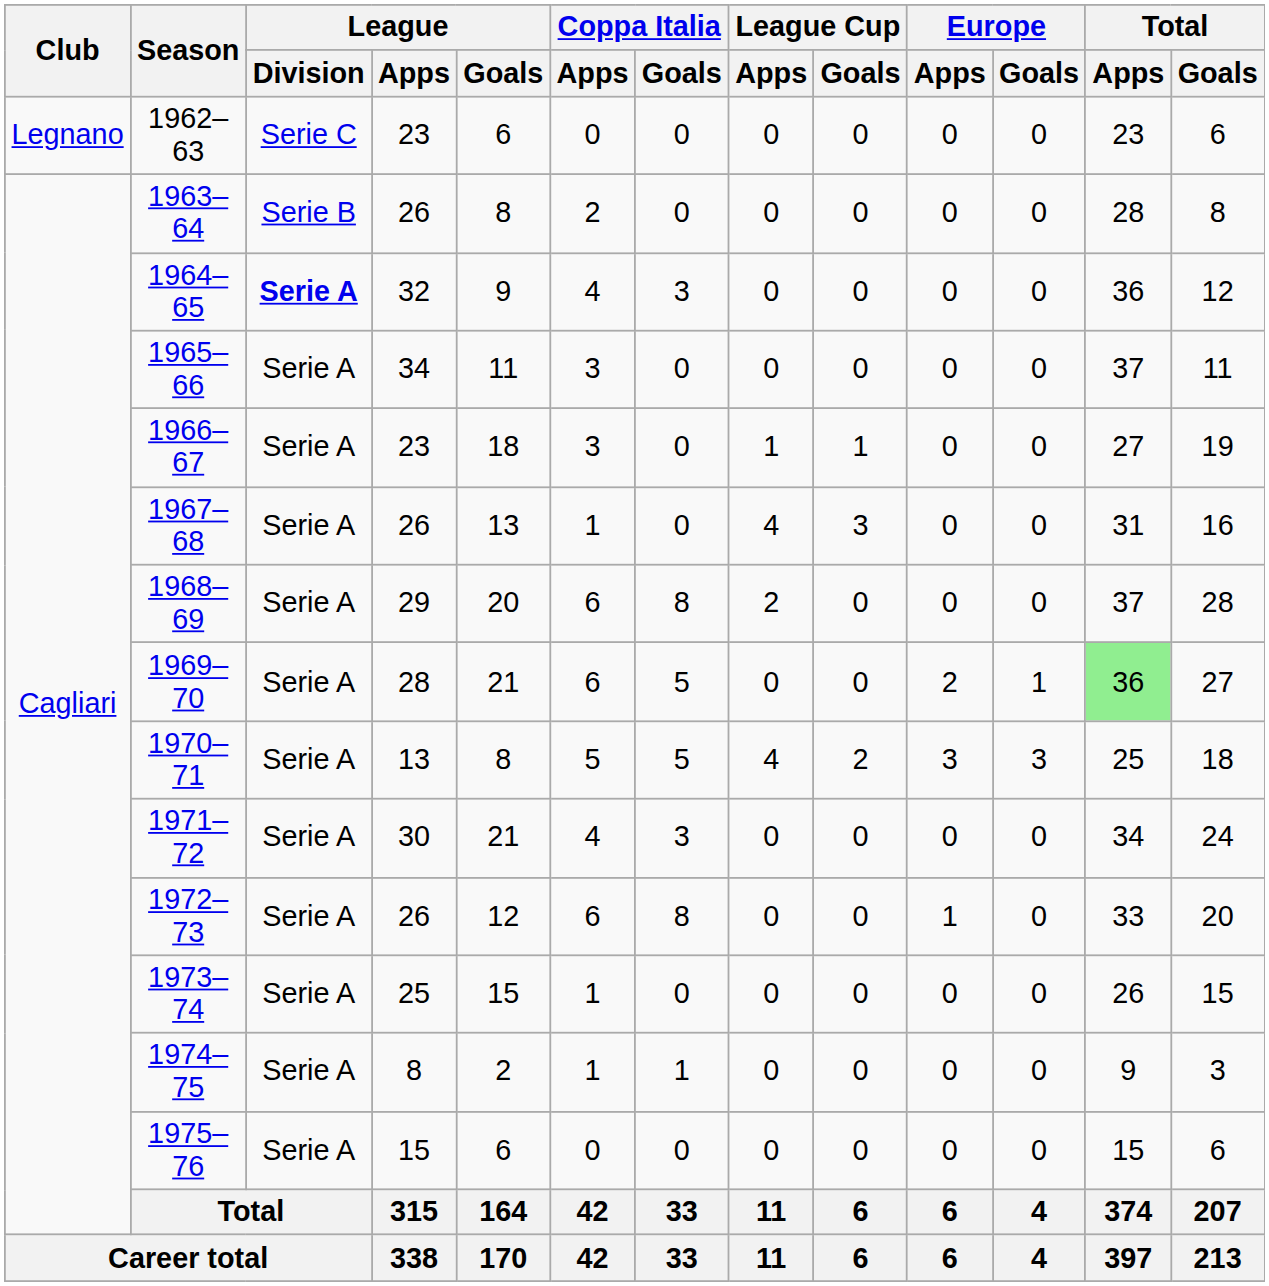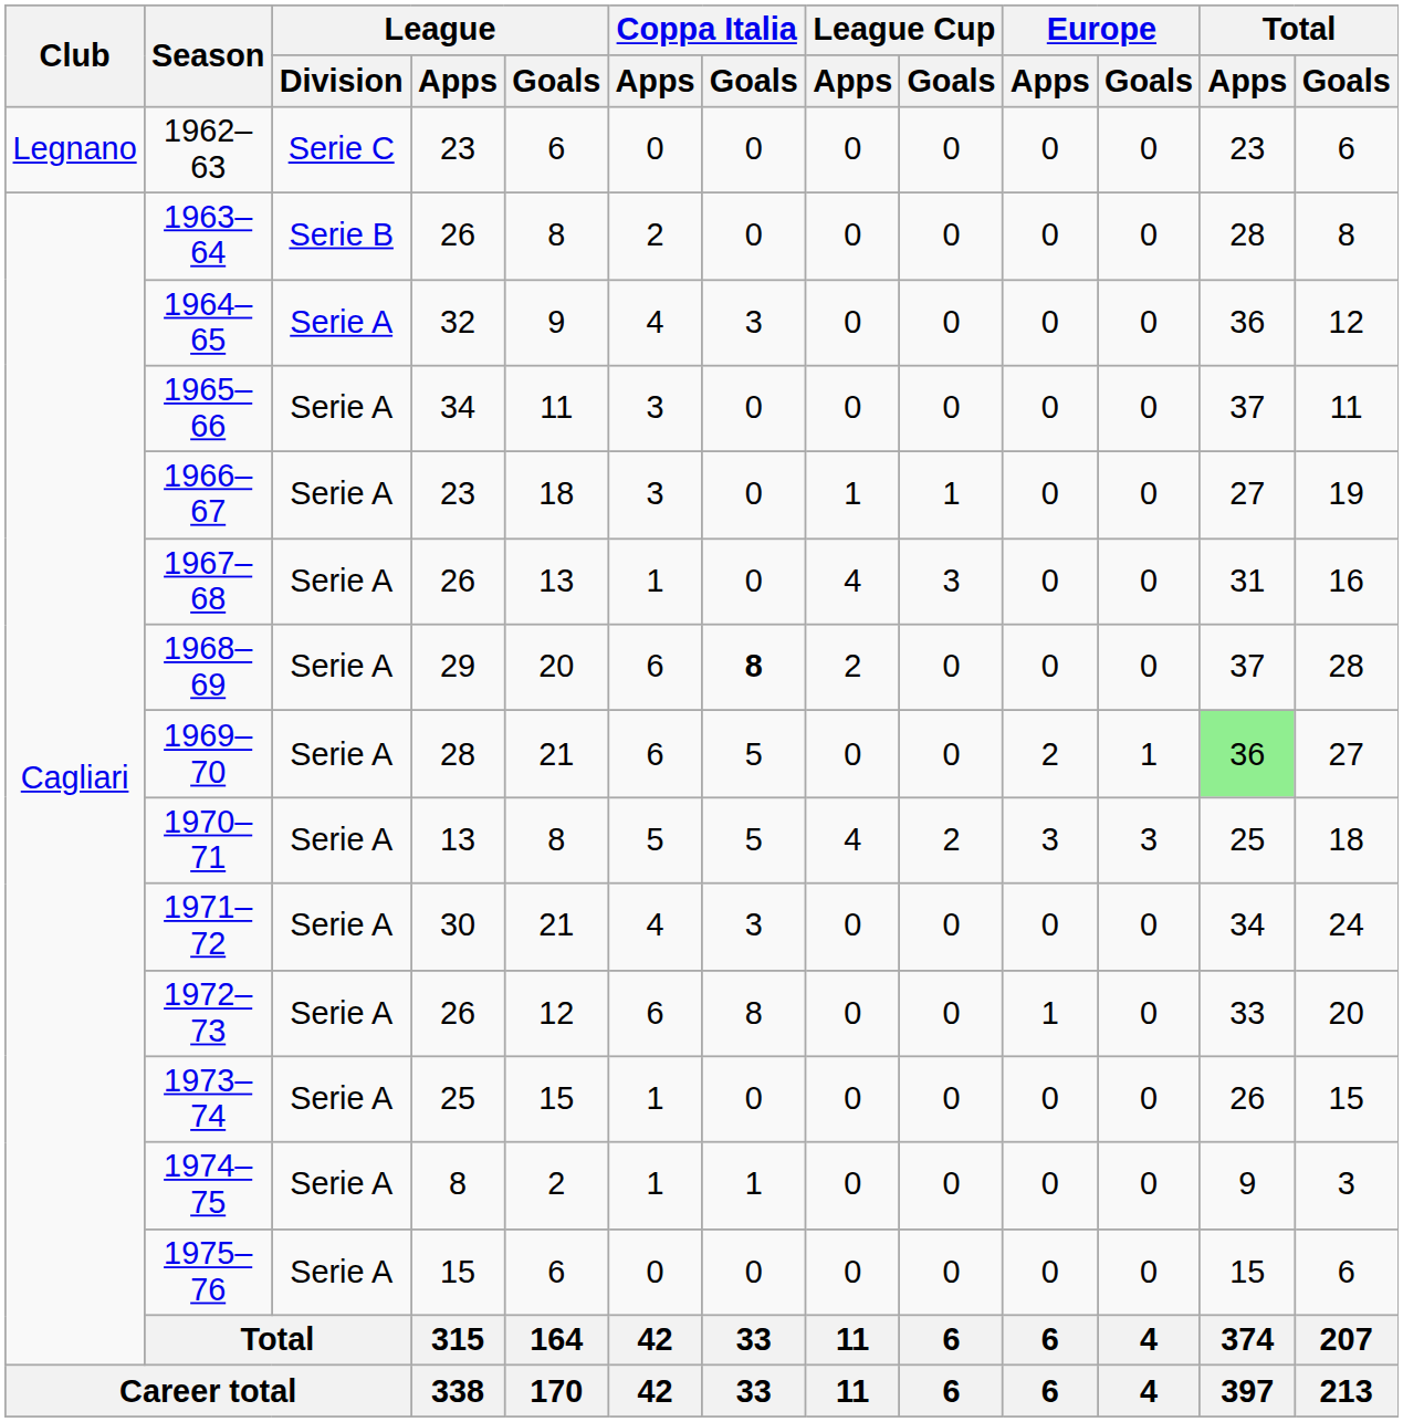 <table class="wikitable" style="text-align:center">
 <tr>
 <th rowspan="2">Club</th>
 <th rowspan="2">Season</th>
 <th colspan="3">League</th>
 <th colspan="2"><a href='#'>Coppa Italia</a></th>
 <th colspan="2">League Cup</th>
 <th colspan="2"><a href='#'>Europe</a></th>
 <th colspan="2">Total</th>
 </tr>
 <tr>
 <th>Division</th>
 <th>Apps</th>
 <th>Goals</th>
 <th>Apps</th>
 <th>Goals</th>
 <th>Apps</th>
 <th>Goals</th>
 <th>Apps</th>
 <th>Goals</th>
 <th>Apps</th>
 <th>Goals</th>
 </tr>
 <tr>
 <td><a href='#'>Legnano</a></td>
 <td>1962–63</td>
 <td><a href='#'>Serie C</a></td>
 <td>23</td>
 <td>6</td>
 <td>0</td>
 <td>0</td>
 <td>0</td>
 <td>0</td>
 <td>0</td>
 <td>0</td>
 <td>23</td>
 <td>6</td>
 </tr>
 <tr>
 <td rowspan="14"><a href='#'>Cagliari</a></td>
 <td><a href='#'>1963–64</a></td>
 <td><a href='#'>Serie B</a></td>
 <td>26</td>
 <td>8</td>
 <td>2</td>
 <td>0</td>
 <td>0</td>
 <td>0</td>
 <td>0</td>
 <td>0</td>
 <td>28</td>
 <td>8</td>
 </tr>
 <tr>
 <td><a href='#'>1964–65</a></td>
-<td><strong><a href='#'>Serie A</a></strong></td>
+<td><a href='#'>Serie A</a></td>
 <td>32</td>
 <td>9</td>
 <td>4</td>
 <td>3</td>
 <td>0</td>
 <td>0</td>
 <td>0</td>
 <td>0</td>
 <td>36</td>
 <td>12</td>
 </tr>
 <tr>
 <td><a href='#'>1965–66</a></td>
 <td>Serie A</td>
 <td>34</td>
 <td>11</td>
 <td>3</td>
 <td>0</td>
 <td>0</td>
 <td>0</td>
 <td>0</td>
 <td>0</td>
 <td>37</td>
 <td>11</td>
 </tr>
 <tr>
 <td><a href='#'>1966–67</a></td>
 <td>Serie A</td>
 <td>23</td>
 <td>18</td>
 <td>3</td>
 <td>0</td>
 <td>1</td>
 <td>1</td>
 <td>0</td>
 <td>0</td>
 <td>27</td>
 <td>19</td>
 </tr>
 <tr>
 <td><a href='#'>1967–68</a></td>
 <td>Serie A</td>
 <td>26</td>
 <td>13</td>
 <td>1</td>
 <td>0</td>
 <td>4</td>
 <td>3</td>
 <td>0</td>
 <td>0</td>
 <td>31</td>
 <td>16</td>
 </tr>
 <tr>
 <td><a href='#'>1968–69</a></td>
 <td>Serie A</td>
 <td>29</td>
 <td>20</td>
 <td>6</td>
-<td>8</td>
+<td><strong>8</strong></td>
 <td>2</td>
 <td>0</td>
 <td>0</td>
 <td>0</td>
 <td>37</td>
 <td>28</td>
 </tr>
 <tr>
 <td><a href='#'>1969–70</a></td>
 <td>Serie A</td>
 <td>28</td>
 <td>21</td>
 <td>6</td>
 <td>5</td>
 <td>0</td>
 <td>0</td>
 <td>2</td>
 <td>1</td>
 <td style="background: lightgreen;">36</td>
 <td>27</td>
 </tr>
 <tr>
 <td><a href='#'>1970–71</a></td>
 <td>Serie A</td>
 <td>13</td>
 <td>8</td>
 <td>5</td>
 <td>5</td>
 <td>4</td>
 <td>2</td>
 <td>3</td>
 <td>3</td>
 <td>25</td>
 <td>18</td>
 </tr>
 <tr>
 <td><a href='#'>1971–72</a></td>
 <td>Serie A</td>
 <td>30</td>
 <td>21</td>
 <td>4</td>
 <td>3</td>
 <td>0</td>
 <td>0</td>
 <td>0</td>
 <td>0</td>
 <td>34</td>
 <td>24</td>
 </tr>
 <tr>
 <td><a href='#'>1972–73</a></td>
 <td>Serie A</td>
 <td>26</td>
 <td>12</td>
 <td>6</td>
 <td>8</td>
 <td>0</td>
 <td>0</td>
 <td>1</td>
 <td>0</td>
 <td>33</td>
 <td>20</td>
 </tr>
 <tr>
 <td><a href='#'>1973–74</a></td>
 <td>Serie A</td>
 <td>25</td>
 <td>15</td>
 <td>1</td>
 <td>0</td>
 <td>0</td>
 <td>0</td>
 <td>0</td>
 <td>0</td>
 <td>26</td>
 <td>15</td>
 </tr>
 <tr>
 <td><a href='#'>1974–75</a></td>
 <td>Serie A</td>
 <td>8</td>
 <td>2</td>
 <td>1</td>
 <td>1</td>
 <td>0</td>
 <td>0</td>
 <td>0</td>
 <td>0</td>
 <td>9</td>
 <td>3</td>
 </tr>
 <tr>
 <td><a href='#'>1975–76</a></td>
 <td>Serie A</td>
 <td>15</td>
 <td>6</td>
 <td>0</td>
 <td>0</td>
 <td>0</td>
 <td>0</td>
 <td>0</td>
 <td>0</td>
 <td>15</td>
 <td>6</td>
 </tr>
 <tr>
 <th colspan="2">Total</th>
 <th>315</th>
 <th>164</th>
 <th>42</th>
 <th>33</th>
 <th>11</th>
 <th>6</th>
 <th>6</th>
 <th>4</th>
 <th>374</th>
 <th>207</th>
 </tr>
 <tr>
 <th colspan="3">Career total</th>
 <th>338</th>
 <th>170</th>
 <th>42</th>
 <th>33</th>
 <th>11</th>
 <th>6</th>
 <th>6</th>
 <th>4</th>
 <th>397</th>
 <th>213</th>
 </tr>
 </table>
